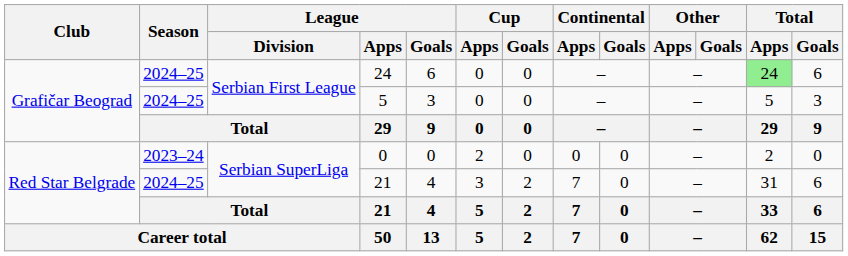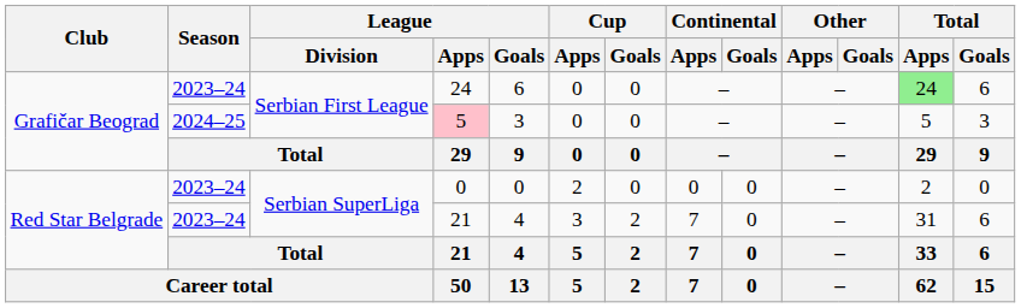 <table class="wikitable" style="text-align:center">
 <tr>
 <th rowspan="2">Club</th>
 <th rowspan="2">Season</th>
 <th colspan="3">League</th>
 <th colspan="2">Cup</th>
 <th colspan="2">Continental</th>
 <th colspan="2">Other</th>
 <th colspan="2">Total</th>
 </tr>
 <tr>
 <th>Division</th>
 <th>Apps</th>
 <th>Goals</th>
 <th>Apps</th>
 <th>Goals</th>
 <th>Apps</th>
 <th>Goals</th>
 <th>Apps</th>
 <th>Goals</th>
 <th>Apps</th>
 <th>Goals</th>
 </tr>
 <tr>
 <td rowspan='3'><a href='#'>Grafičar Beograd</a></td>
-<td><a href='#'>2024–25</a></td>
+<td><a href='#'>2023–24</a></td>
 <td rowspan='2'><a href='#'>Serbian First League</a></td>
 <td>24</td>
 <td>6</td>
 <td>0</td>
 <td>0</td>
 <td colspan="2">–</td>
 <td colspan="2">–</td>
 <td style="background: lightgreen;">24</td>
 <td>6</td>
 </tr>
 <tr>
 <td><a href='#'>2024–25</a></td>
-<td>5</td>
+<td style="background: pink;">5</td>
 <td>3</td>
 <td>0</td>
 <td>0</td>
 <td colspan="2">–</td>
 <td colspan="2">–</td>
 <td>5</td>
 <td>3</td>
 </tr>
 <tr>
 <th colspan=2>Total</th>
 <th>29</th>
 <th>9</th>
 <th>0</th>
 <th>0</th>
 <th colspan="2">–</th>
 <th colspan="2">–</th>
 <th>29</th>
 <th>9</th>
 </tr>
 <tr>
 <td rowspan='3'><a href='#'>Red Star Belgrade</a></td>
 <td><a href='#'>2023–24</a></td>
 <td rowspan='2'><a href='#'>Serbian SuperLiga</a></td>
 <td>0</td>
 <td>0</td>
 <td>2</td>
 <td>0</td>
 <td>0</td>
 <td>0</td>
 <td colspan="2">–</td>
 <td>2</td>
 <td>0</td>
 </tr>
 <tr>
-<td><a href='#'>2024–25</a></td>
+<td><a href='#'>2023–24</a></td>
 <td>21</td>
 <td>4</td>
 <td>3</td>
 <td>2</td>
 <td>7</td>
 <td>0</td>
 <td colspan="2">–</td>
 <td>31</td>
 <td>6</td>
 </tr>
 <tr>
 <th colspan=2>Total</th>
 <th>21</th>
 <th>4</th>
 <th>5</th>
 <th>2</th>
 <th>7</th>
 <th>0</th>
 <th colspan="2">–</th>
 <th>33</th>
 <th>6</th>
 </tr>
 <tr>
 <th colspan=3>Career total</th>
 <th>50</th>
 <th>13</th>
 <th>5</th>
 <th>2</th>
 <th>7</th>
 <th>0</th>
 <th colspan="2">–</th>
 <th>62</th>
 <th>15</th>
 </tr>
 </table>
